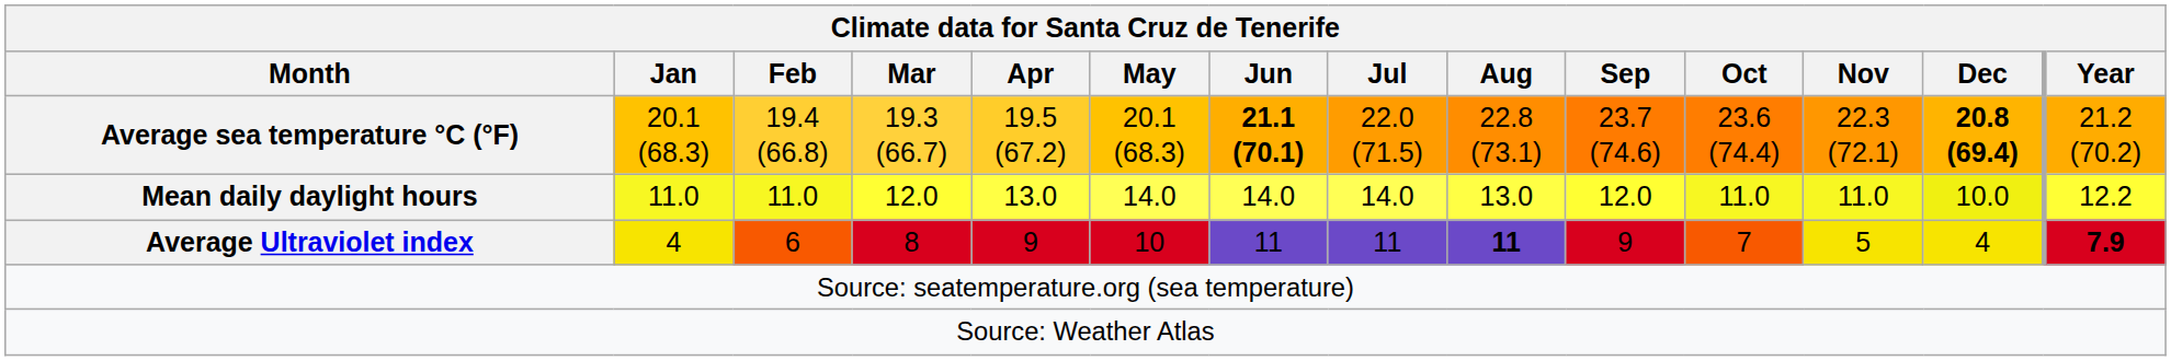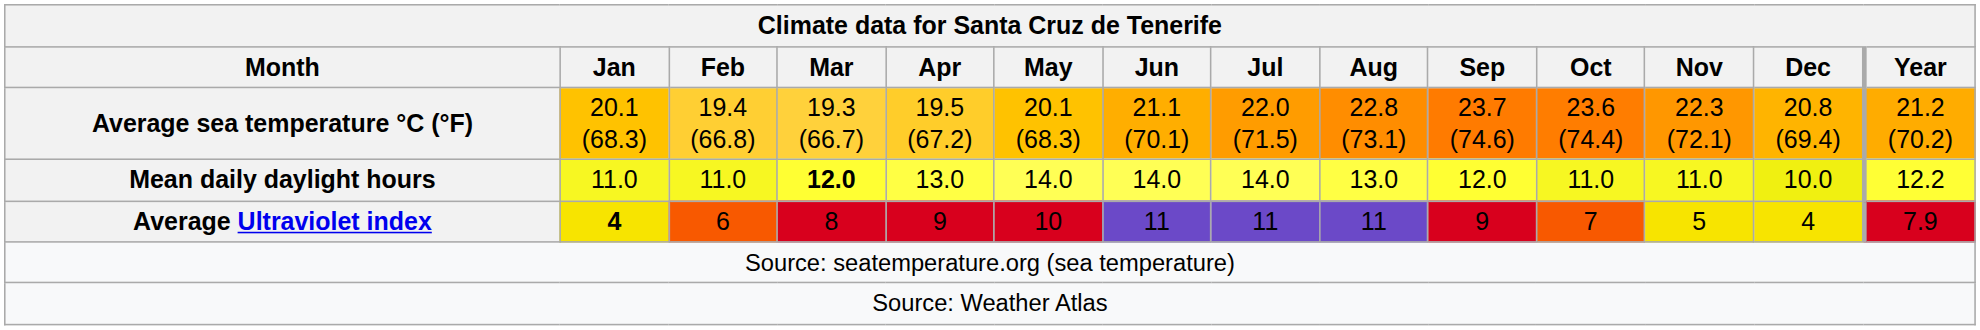 <table style="width:100%;text-align:center;line-height:1.2em;margin-left:auto;margin-right:auto" class="wikitable mw-collapsible">
 <tr>
 <th Colspan=14>Climate data for Santa Cruz de Tenerife</th>
 </tr>
 <tr>
 <th>Month</th>
 <th>Jan</th>
 <th>Feb</th>
 <th>Mar</th>
 <th>Apr</th>
 <th>May</th>
 <th>Jun</th>
 <th>Jul</th>
 <th>Aug</th>
 <th>Sep</th>
 <th>Oct</th>
 <th>Nov</th>
 <th>Dec</th>
 <th style="border-left-width:medium">Year</th>
 </tr>
 <tr>
 <th>Average sea temperature °C (°F)</th>
 <td style="background:#ffc200; color:#000;">20.1<br>(68.3)</td>
 <td style="background:#ffcf33; color:#000;">19.4<br>(66.8)</td>
 <td style="background:#ffd13b; color:#000;">19.3<br>(66.7)</td>
 <td style="background:#ffcd2a; color:#000;">19.5<br>(67.2)</td>
 <td style="background:#ffc200; color:#000;">20.1<br>(68.3)</td>
-<td style="background:#ffae00; color:#000;"><strong>21.1<br>(70.1)</strong></td>
+<td style="background:#ffae00; color:#000;">21.1<br>(70.1)</td>
 <td style="background:#ff9c00; color:#000;">22.0<br>(71.5)</td>
 <td style="background:#ff8d00; color:#000;">22.8<br>(73.1)</td>
 <td style="background:#ff7b00; color:#000;">23.7<br>(74.6)</td>
 <td style="background:#ff7d00; color:#000;">23.6<br>(74.4)</td>
 <td style="background:#ff9700; color:#000;">22.3<br>(72.1)</td>
-<td style="background:#ffb400; color:#000;"><strong>20.8<br>(69.4)</strong></td>
+<td style="background:#ffb400; color:#000;">20.8<br>(69.4)</td>
 <td style="background:#ffac00; color:#000; border-left-width:medium;">21.2<br>(70.2)</td>
 </tr>
 <tr>
 <th>Mean daily daylight hours</th>
 <td style="background:#f7f722; color:#000;">11.0</td>
 <td style="background:#f7f722; color:#000;">11.0</td>
-<td style="background:#ff3; color:#000;">12.0</td>
+<td style="background:#ff3; color:#000;"><strong>12.0</strong></td>
 <td style="background:#ff4; color:#000;">13.0</td>
 <td style="background:#ff5; color:#000;">14.0</td>
 <td style="background:#ff5; color:#000;">14.0</td>
 <td style="background:#ff5; color:#000;">14.0</td>
 <td style="background:#ff4; color:#000;">13.0</td>
 <td style="background:#ff3; color:#000;">12.0</td>
 <td style="background:#f7f722; color:#000;">11.0</td>
 <td style="background:#f7f722; color:#000;">11.0</td>
 <td style="background:#f0f011; color:#000;">10.0</td>
 <td style="background:#ffff35; color:#000; border-left-width:medium;">12.2</td>
 </tr>
 <tr>
 <th>Average <a href='#'>Ultraviolet index</a></th>
-<td style="background:#f7e400; color:#000;">4</td>
+<td style="background:#f7e400; color:#000;"><strong>4</strong></td>
 <td style="background:#f85900; color:#000;">6</td>
 <td style="background:#d8001d; color:#000;">8</td>
 <td style="background:#d8001d; color:#000;">9</td>
 <td style="background:#d8001d; color:#000;">10</td>
 <td style="background:#6b49c8; color:#000;">11</td>
 <td style="background:#6b49c8; color:#000;">11</td>
-<td style="background:#6b49c8; color:#000;"><strong>11</strong></td>
+<td style="background:#6b49c8; color:#000;">11</td>
 <td style="background:#d8001d; color:#000;">9</td>
 <td style="background:#f85900; color:#000;">7</td>
 <td style="background:#f7e400; color:#000;">5</td>
 <td style="background:#f7e400; color:#000;">4</td>
-<td style="background:#d8001d; color:#000; border-left-width:medium;"><strong>7.9</strong></td>
+<td style="background:#d8001d; color:#000; border-left-width:medium;">7.9</td>
 </tr>
 <tr>
 <th Colspan=14 style="background:#f8f9fa;font-weight:normal;font-size:95%;">Source: seatemperature.org (sea temperature) </th>
 </tr>
 <tr>
 <th Colspan=14 style="background:#f8f9fa;font-weight:normal;font-size:95%;">Source: Weather Atlas </th>
 </tr>
 </table>
